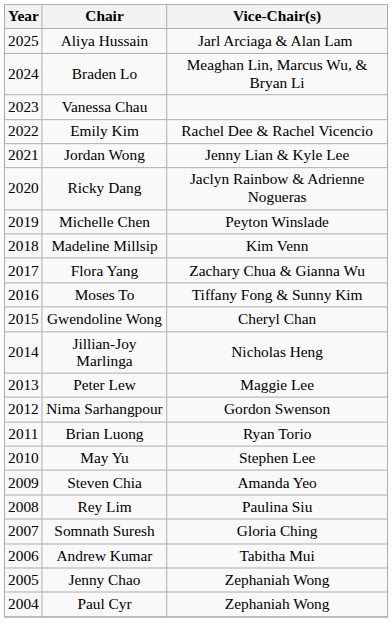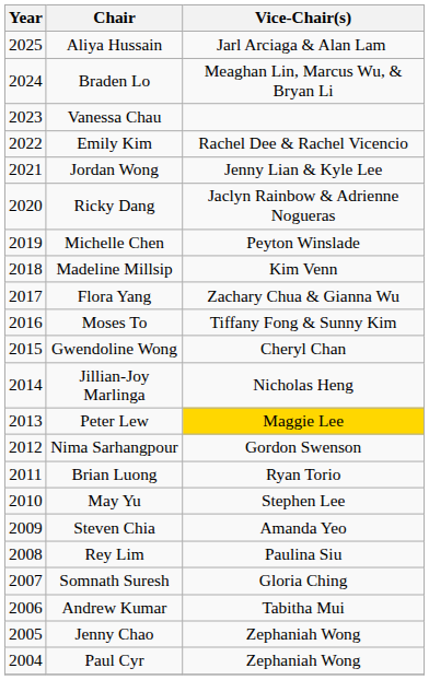 <table class="wikitable" style="text-align: center; width: 400px; height: 500px;">
 <tr>
 <th>Year</th>
 <th>Chair</th>
 <th>Vice-Chair(s)</th>
 </tr>
 <tr>
 <td>2025</td>
 <td>Aliya Hussain</td>
 <td>Jarl Arciaga & Alan Lam </td>
 </tr>
 <tr>
 <td>2024</td>
 <td>Braden Lo</td>
 <td>Meaghan Lin, Marcus Wu, & Bryan Li</td>
 </tr>
 <tr>
 <td>2023</td>
 <td>Vanessa Chau</td>
 <td></td>
 </tr>
 <tr>
 <td>2022</td>
 <td>Emily Kim</td>
 <td>Rachel Dee & Rachel Vicencio</td>
 </tr>
 <tr>
 <td>2021</td>
 <td>Jordan Wong</td>
 <td>Jenny Lian & Kyle Lee</td>
 </tr>
 <tr>
 <td>2020</td>
 <td>Ricky Dang</td>
 <td>Jaclyn Rainbow & Adrienne Nogueras</td>
 </tr>
 <tr>
 <td>2019</td>
 <td>Michelle Chen</td>
 <td>Peyton Winslade</td>
 </tr>
 <tr>
 <td>2018</td>
 <td>Madeline Millsip</td>
 <td>Kim Venn</td>
 </tr>
 <tr>
 <td>2017</td>
 <td>Flora Yang</td>
 <td>Zachary Chua & Gianna Wu</td>
 </tr>
 <tr>
 <td>2016</td>
 <td>Moses To</td>
 <td>Tiffany Fong & Sunny Kim</td>
 </tr>
 <tr>
 <td>2015</td>
 <td>Gwendoline Wong</td>
 <td>Cheryl Chan</td>
 </tr>
 <tr>
 <td>2014</td>
 <td>Jillian-Joy Marlinga</td>
 <td>Nicholas Heng</td>
 </tr>
 <tr>
 <td>2013</td>
 <td>Peter Lew</td>
-<td>Maggie Lee</td>
+<td style="background: gold;">Maggie Lee</td>
 </tr>
 <tr>
 <td>2012</td>
 <td>Nima Sarhangpour</td>
 <td>Gordon Swenson</td>
 </tr>
 <tr>
 <td>2011</td>
 <td>Brian Luong</td>
 <td>Ryan Torio</td>
 </tr>
 <tr>
 <td>2010</td>
 <td>May Yu</td>
 <td>Stephen Lee</td>
 </tr>
 <tr>
 <td>2009</td>
 <td>Steven Chia</td>
 <td>Amanda Yeo</td>
 </tr>
 <tr>
 <td>2008</td>
 <td>Rey Lim</td>
 <td>Paulina Siu</td>
 </tr>
 <tr>
 <td>2007</td>
 <td>Somnath Suresh</td>
 <td>Gloria Ching</td>
 </tr>
 <tr>
 <td>2006</td>
 <td>Andrew Kumar</td>
 <td>Tabitha Mui</td>
 </tr>
 <tr>
 <td>2005</td>
 <td>Jenny Chao</td>
 <td>Zephaniah Wong</td>
 </tr>
 <tr>
 <td>2004</td>
 <td>Paul Cyr</td>
 <td>Zephaniah Wong</td>
 </tr>
 <tr>
 </tr>
 </table>
